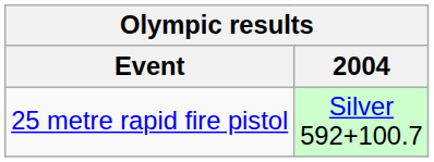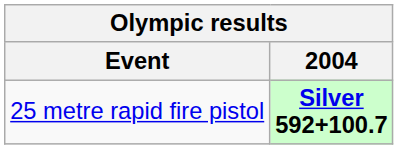 <table class="wikitable" style="text-align: center">
 <tr>
 <th colspan=2>Olympic results</th>
 </tr>
 <tr>
 <th>Event</th>
 <th>2004</th>
 </tr>
 <tr>
 <td align=left><a href='#'>25 metre rapid fire pistol</a></td>
-<td style="background: #ccffcc"> <a href='#'>Silver</a><br>592+100.7</td>
+<td style="background: #ccffcc"><strong> <a href='#'>Silver</a><br>592+100.7</strong></td>
 </tr>
 </table>
